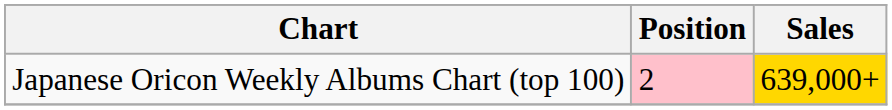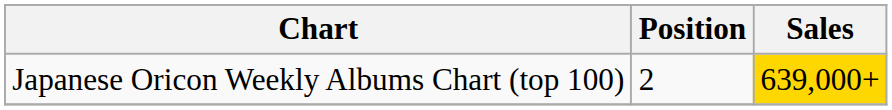 <table class="wikitable">
 <tr>
 <th>Chart</th>
 <th>Position</th>
 <th>Sales</th>
 </tr>
 <tr>
 <td>Japanese Oricon Weekly Albums Chart (top 100)</td>
-<td style="background: pink;">2</td>
+<td>2</td>
 <td style="background: gold;">639,000+</td>
 </tr>
 <tr>
 </tr>
 </table>
